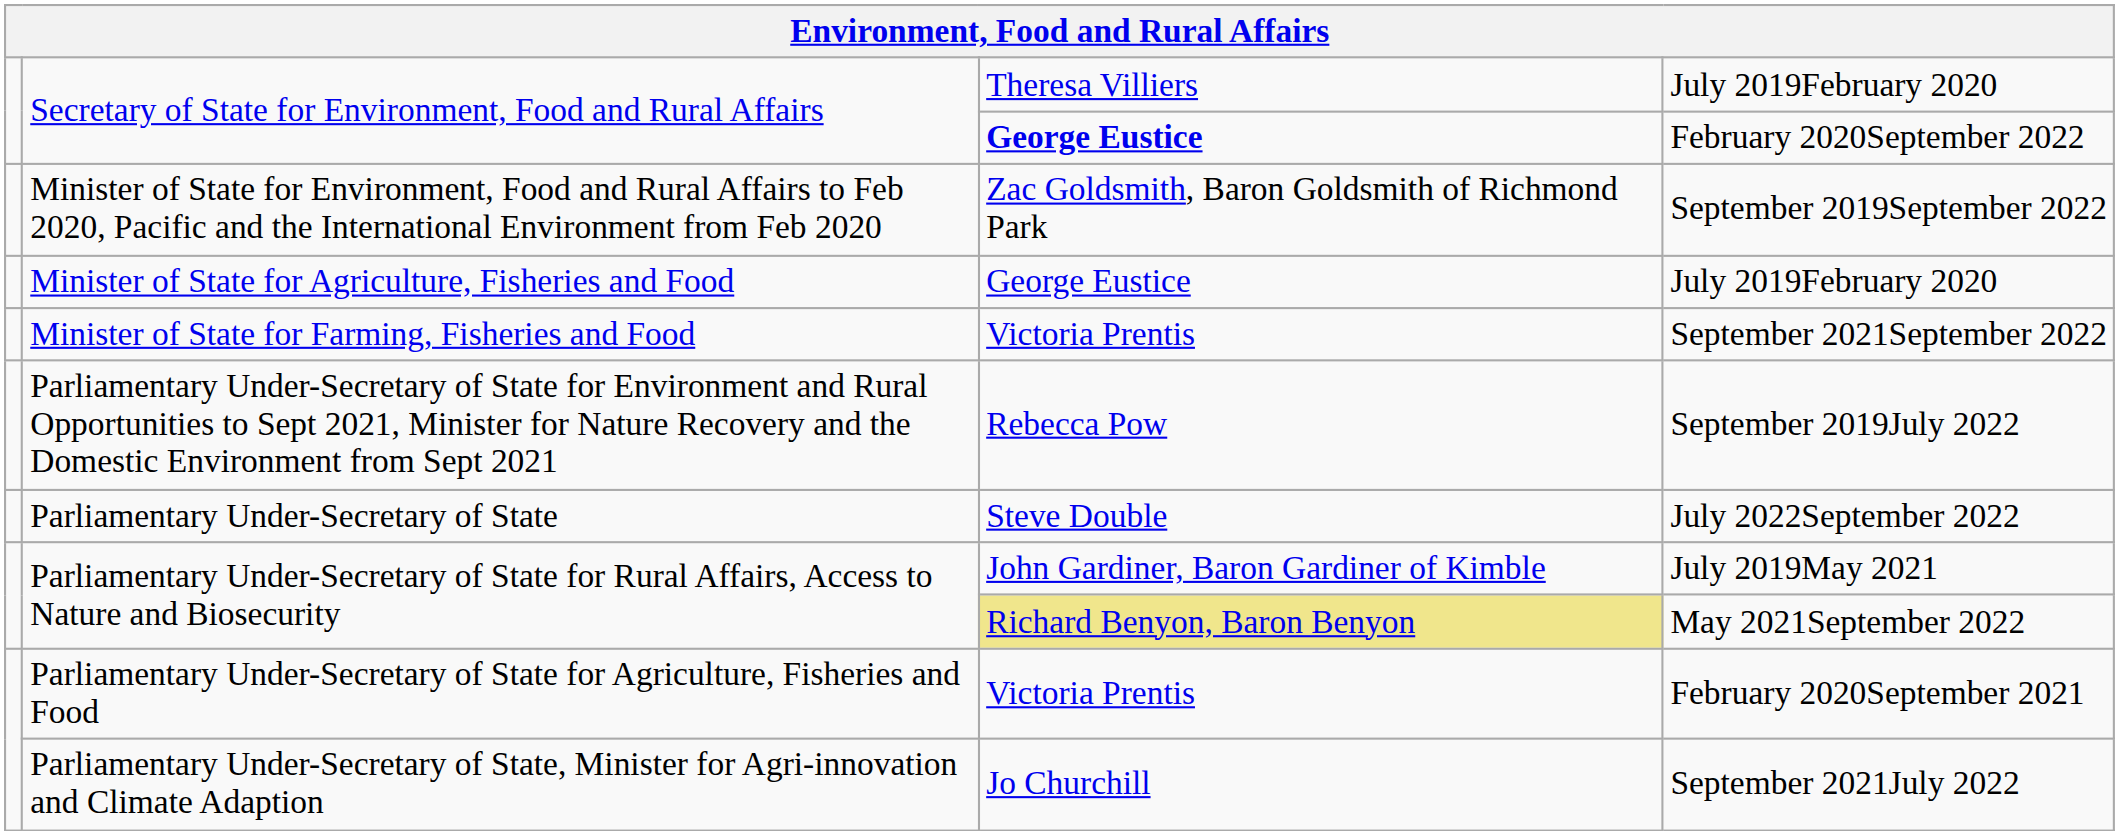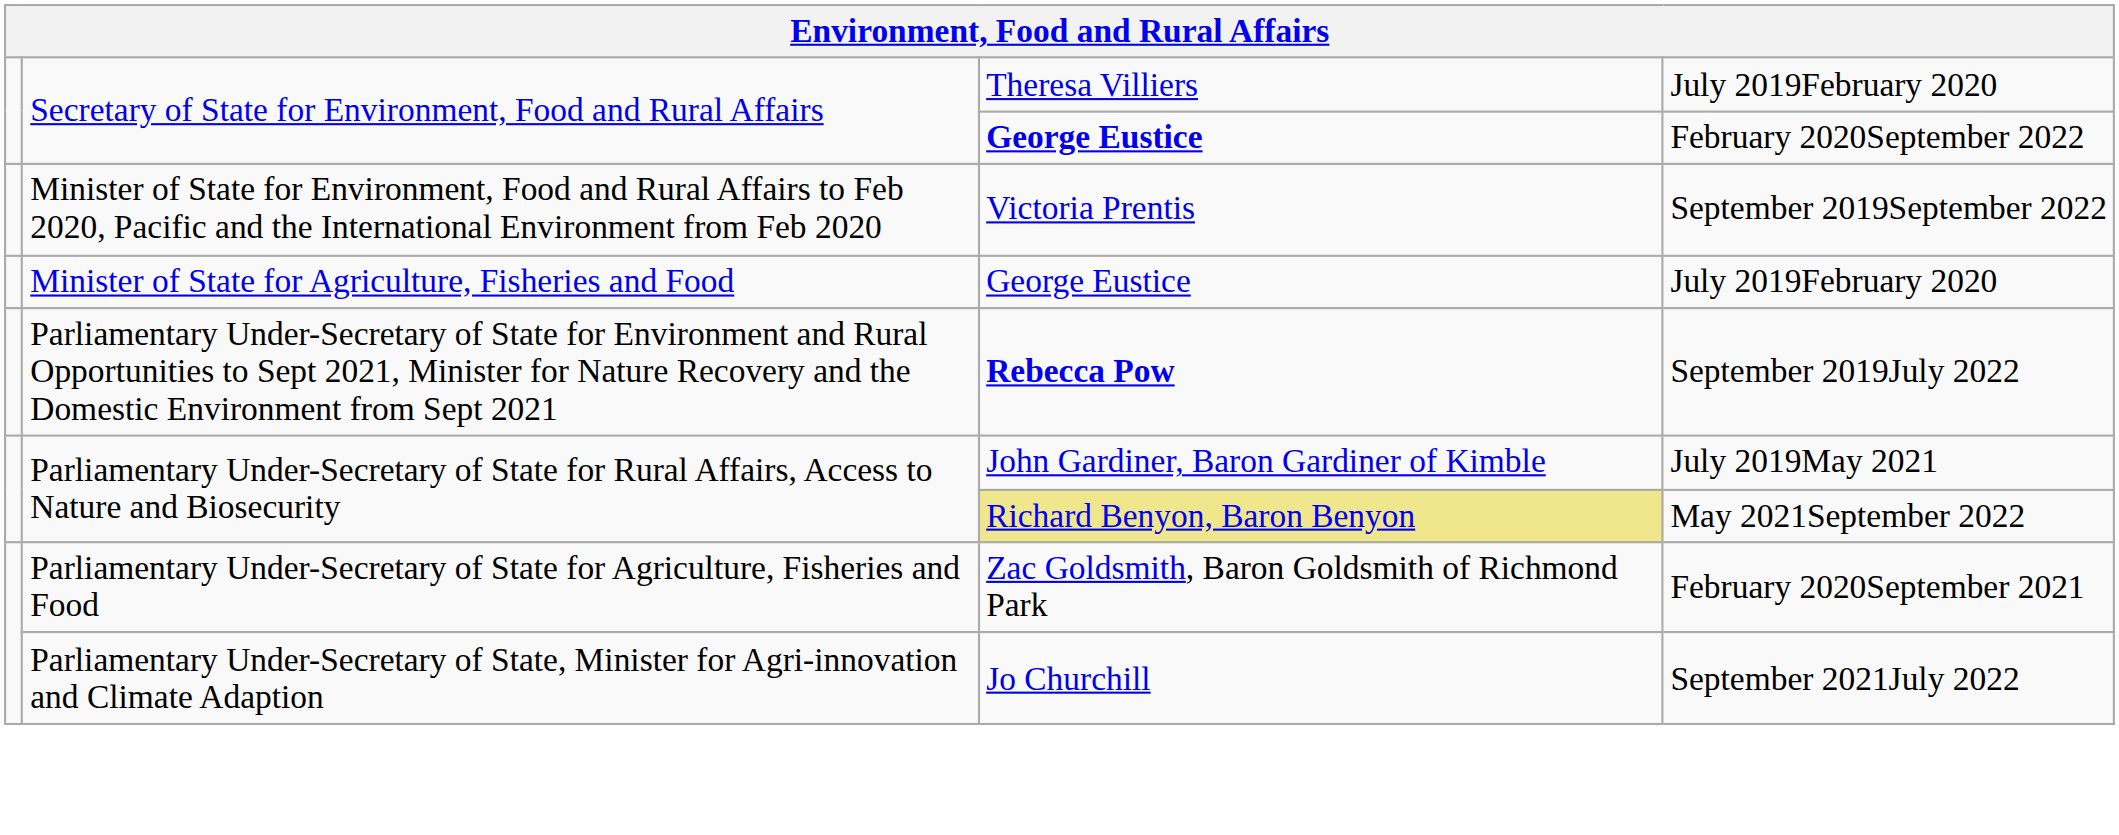 <table class="wikitable">
 <tr>
 <th colspan="4"><a href='#'>Environment, Food and Rural Affairs</a></th>
 </tr>
 <tr>
 <td rowspan=2 style="width: 1px; background: "></td>
 <td rowspan=2 style="width: 450px;"><a href='#'>Secretary of State for Environment, Food and Rural Affairs</a></td>
 <td style="width: 320px;"><a href='#'>Theresa Villiers</a></td>
 <td>July 2019February 2020</td>
 </tr>
 <tr>
 <td><strong><a href='#'>George Eustice</a></strong></td>
 <td>February 2020September 2022</td>
 </tr>
 <tr>
 <td style="width: 1px; background: "></td>
 <td>Minister of State for Environment, Food and Rural Affairs to Feb 2020, Pacific and the International Environment from Feb 2020</td>
-<td><a href='#'>Zac Goldsmith</a>, Baron Goldsmith of Richmond Park<br></td>
+<td><a href='#'>Victoria Prentis</a></td>
 <td>September 2019September 2022</td>
 </tr>
 <tr>
 <td style="width: 1px; background: "></td>
 <td style="width: 450px;"><a href='#'>Minister of State for Agriculture, Fisheries and Food</a></td>
 <td><a href='#'>George Eustice</a></td>
 <td>July 2019February 2020</td>
 </tr>
 <tr>
 <td style="width: 1px; background: "></td>
-<td style="width: 450px;"><a href='#'>Minister of State for Farming, Fisheries and Food</a></td>
-<td><a href='#'>Victoria Prentis</a></td>
-<td>September 2021September 2022</td>
-</tr>
-<tr>
-<td style="width: 1px; background: "></td>
 <td style="width: 450px;">Parliamentary Under-Secretary of State for Environment and Rural Opportunities to Sept 2021, Minister for Nature Recovery and the Domestic Environment from Sept 2021</td>
-<td><a href='#'>Rebecca Pow</a></td>
+<td><strong><a href='#'>Rebecca Pow</a></strong></td>
 <td>September 2019July 2022</td>
-</tr>
-<tr>
-<td style="width: 1px; background: "></td>
-<td>Parliamentary Under-Secretary of State</td>
-<td><a href='#'>Steve Double</a></td>
-<td>July 2022September 2022</td>
 </tr>
 <tr>
 <td rowspan=2 style="width: 1px; background: "></td>
 <td rowspan=2>Parliamentary Under-Secretary of State for Rural Affairs, Access to Nature and Biosecurity</td>
 <td><a href='#'>John Gardiner, Baron Gardiner of Kimble</a></td>
 <td>July 2019May 2021</td>
 </tr>
 <tr>
 <td style="background: khaki;"><a href='#'>Richard Benyon, Baron Benyon</a></td>
 <td>May 2021September 2022</td>
 </tr>
 <tr>
 <td rowspan=2 style="width: 1px; background: "></td>
 <td style="width: 450px;">Parliamentary Under-Secretary of State for Agriculture, Fisheries and Food</td>
-<td><a href='#'>Victoria Prentis</a></td>
+<td><a href='#'>Zac Goldsmith</a>, Baron Goldsmith of Richmond Park<br></td>
 <td>February 2020September 2021</td>
 </tr>
 <tr>
 <td>Parliamentary Under-Secretary of State, Minister for Agri-innovation and Climate Adaption</td>
 <td><a href='#'>Jo Churchill</a></td>
 <td>September 2021July 2022</td>
 </tr>
 </table>
